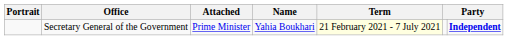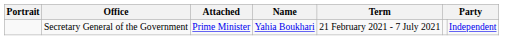 <table class="wikitable" style="text-align:center">
 <tr>
 <th>Portrait</th>
 <th>Office</th>
 <th>Attached</th>
 <th>Name</th>
 <th>Term</th>
 <th colspan="2">Party</th>
 </tr>
 <tr>
 <td></td>
 <td>Secretary General of the Government</td>
 <td><a href='#'>Prime Minister</a></td>
 <td><a href='#'>Yahia Boukhari</a></td>
-<td style="background: lightyellow;">21 February 2021 - 7 July 2021</td>
+<td>21 February 2021 - 7 July 2021</td>
 <td></td>
-<td><strong><a href='#'>Independent</a></strong></td>
+<td><a href='#'>Independent</a></td>
 </tr>
 </table>
